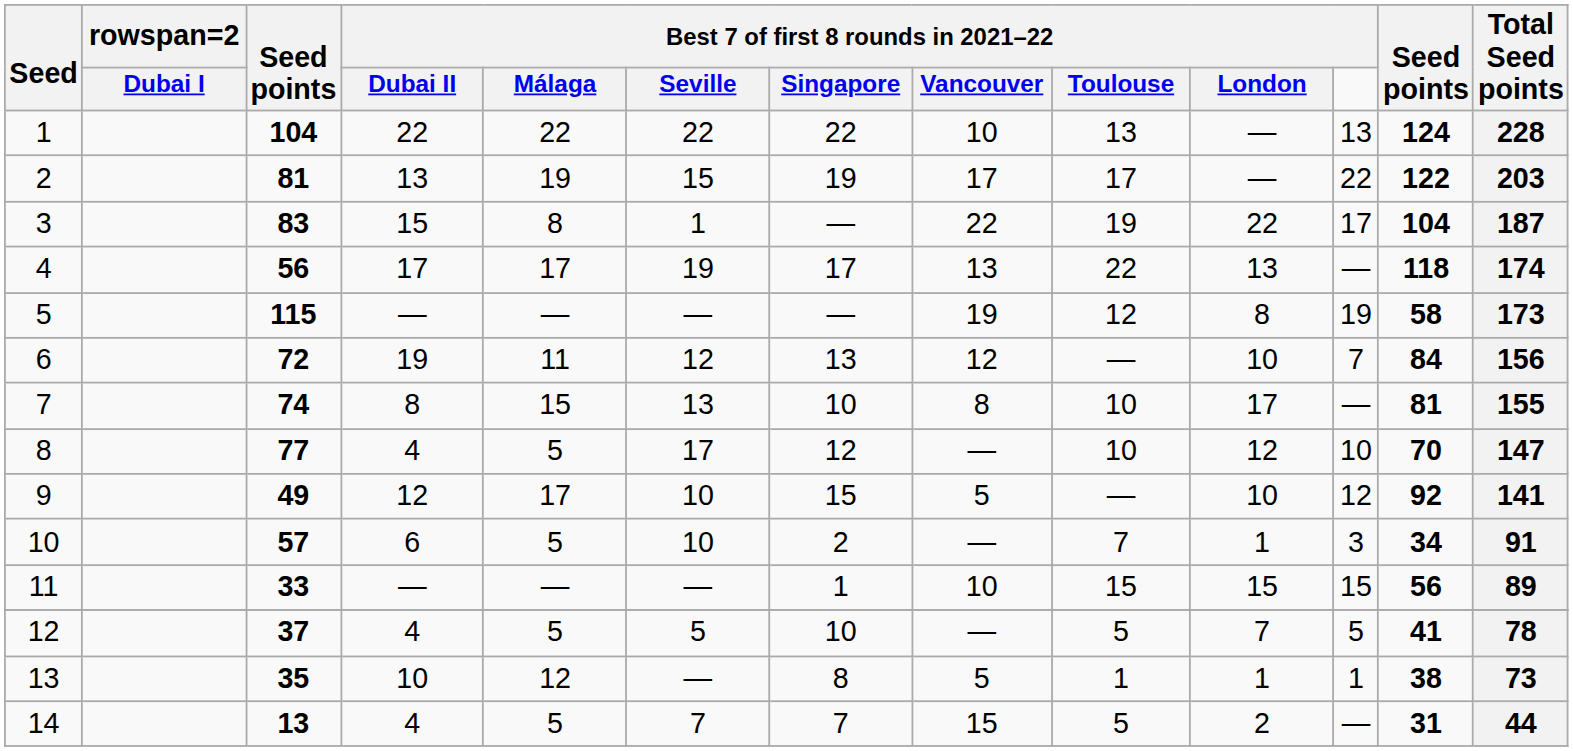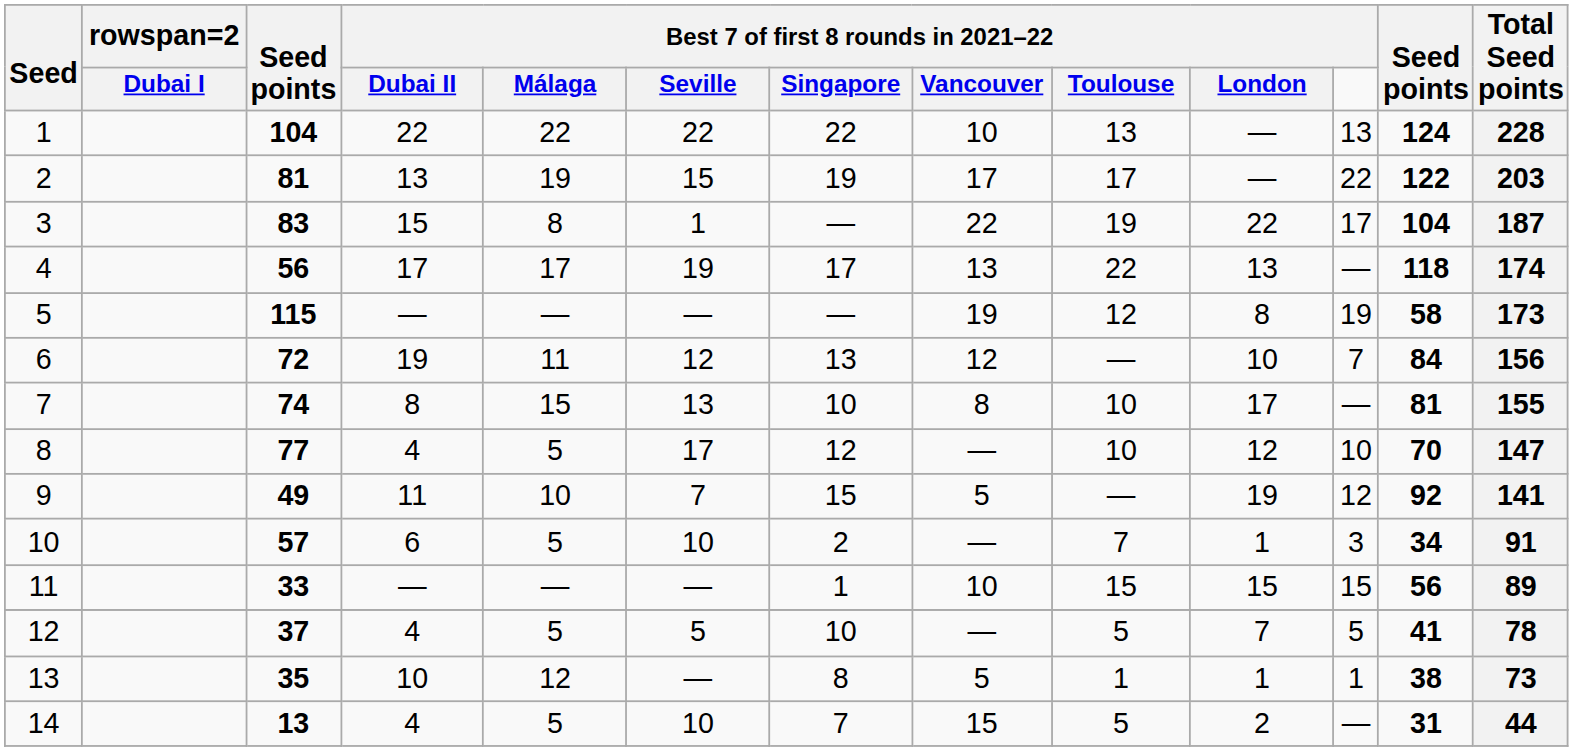 <table class="wikitable" style="text-align:center;">
 <tr>
 <th rowspan=2 style="padding:2px;"><br>Seed</th>
 <th>rowspan=2 </th>
 <th rowspan=2 style="padding:2px;"><small></small><br>Seed<br>points</th>
 <th colspan=8><small>Best 7 of first 8 rounds in 2021–22</small></th>
 <th rowspan=2 style="padding:2px;"><small></small><br>Seed<br>points</th>
 <th rowspan=2 style="padding:2px;">Total<br>Seed<br>points</th>
 </tr>
 <tr>
 <th style="vertical-align:top;width:5.5em;font-size:85%;padding:1px 2px;;"><a href='#'>Dubai I</a></th>
 <th style="vertical-align:top;width:5.5em;font-size:85%;padding:1px 2px;;"><a href='#'>Dubai II</a></th>
 <th style="vertical-align:top;width:5.5em;font-size:85%;padding:1px 2px;;"><a href='#'>Málaga</a></th>
 <th style="vertical-align:top;width:5.5em;font-size:85%;padding:1px 2px;;"><a href='#'>Seville</a></th>
 <th style="vertical-align:top;width:5.5em;font-size:85%;padding:1px 2px;;"><a href='#'>Singapore</a></th>
 <th style="vertical-align:top;width:5.5em;font-size:85%;padding:1px 1px;;"><a href='#'>Vancouver</a></th>
 <th style="vertical-align:top;width:5.5em;font-size:85%;padding:1px 1px;;"><a href='#'>Toulouse</a></th>
 <th style="vertical-align:top;width:5.5em;font-size:85%;padding:1px 2px;;"><a href='#'>London</a></th>
 </tr>
 <tr>
 <td>1</td>
 <td align="left"></td>
 <td><strong>104</strong></td>
 <td>22</td>
 <td>22</td>
 <td>22</td>
 <td>22</td>
 <td>10</td>
 <td>13</td>
 <td>—</td>
 <td>13</td>
 <td><strong>124</strong></td>
 <th>228</th>
 </tr>
 <tr>
 <td>2</td>
 <td align="left"></td>
 <td><strong>81</strong></td>
 <td>13</td>
 <td>19</td>
 <td>15</td>
 <td>19</td>
 <td>17</td>
 <td>17</td>
 <td>—</td>
 <td>22</td>
 <td><strong>122</strong></td>
 <th>203</th>
 </tr>
 <tr>
 <td>3</td>
 <td align="left"></td>
 <td><strong>83</strong></td>
 <td>15</td>
 <td>8</td>
 <td>1</td>
 <td>—</td>
 <td>22</td>
 <td>19</td>
 <td>22</td>
 <td>17</td>
 <td><strong>104</strong></td>
 <th>187</th>
 </tr>
 <tr>
 <td>4</td>
 <td align="left"></td>
 <td><strong>56</strong></td>
 <td>17</td>
 <td>17</td>
 <td>19</td>
 <td>17</td>
 <td>13</td>
 <td>22</td>
 <td>13</td>
 <td>—</td>
 <td><strong>118</strong></td>
 <th>174</th>
 </tr>
 <tr>
 <td>5</td>
 <td align="left"></td>
 <td><strong>115</strong></td>
 <td>—</td>
 <td>—</td>
 <td>—</td>
 <td>—</td>
 <td>19</td>
 <td>12</td>
 <td>8</td>
 <td>19</td>
 <td><strong>58</strong></td>
 <th>173</th>
 </tr>
 <tr>
 <td>6</td>
 <td align="left"></td>
 <td><strong>72</strong></td>
 <td>19</td>
 <td>11</td>
 <td>12</td>
 <td>13</td>
 <td>12</td>
 <td>—</td>
 <td>10</td>
 <td>7</td>
 <td><strong>84</strong></td>
 <th>156</th>
 </tr>
 <tr>
 <td>7</td>
 <td align="left"></td>
 <td><strong>74</strong></td>
 <td>8</td>
 <td>15</td>
 <td>13</td>
 <td>10</td>
 <td>8</td>
 <td>10</td>
 <td>17</td>
 <td>—</td>
 <td><strong>81</strong></td>
 <th>155</th>
 </tr>
 <tr>
 <td>8</td>
 <td align="left"></td>
 <td><strong>77</strong></td>
 <td>4</td>
 <td>5</td>
 <td>17</td>
 <td>12</td>
 <td>—</td>
 <td>10</td>
 <td>12</td>
 <td>10</td>
 <td><strong>70</strong></td>
 <th>147</th>
 </tr>
 <tr>
 <td>9</td>
 <td align="left"></td>
 <td><strong>49</strong></td>
-<td>12</td>
-<td>17</td>
+<td>11</td>
 <td>10</td>
+<td>7</td>
 <td>15</td>
 <td>5</td>
 <td>—</td>
-<td>10</td>
+<td>19</td>
 <td>12</td>
 <td><strong>92</strong></td>
 <th>141</th>
 </tr>
 <tr>
 <td>10</td>
 <td align="left"></td>
 <td><strong>57</strong></td>
 <td>6</td>
 <td>5</td>
 <td>10</td>
 <td>2</td>
 <td>—</td>
 <td>7</td>
 <td>1</td>
 <td>3</td>
 <td><strong>34</strong></td>
 <th>91</th>
 </tr>
 <tr>
 <td>11</td>
 <td align="left"></td>
 <td><strong>33</strong></td>
 <td>—</td>
 <td>—</td>
 <td>—</td>
 <td>1</td>
 <td>10</td>
 <td>15</td>
 <td>15</td>
 <td>15</td>
 <td><strong>56</strong></td>
 <th>89</th>
 </tr>
 <tr>
 </tr>
 <tr>
 <td>12</td>
 <td align="left"></td>
 <td><strong>37</strong></td>
 <td>4</td>
 <td>5</td>
 <td>5</td>
 <td>10</td>
 <td>—</td>
 <td>5</td>
 <td>7</td>
 <td>5</td>
 <td><strong>41</strong></td>
 <th>78</th>
 </tr>
 <tr>
 <td>13</td>
 <td align="left"></td>
 <td><strong>35</strong></td>
 <td>10</td>
 <td>12</td>
 <td>—</td>
 <td>8</td>
 <td>5</td>
 <td>1</td>
 <td>1</td>
 <td>1</td>
 <td><strong>38</strong></td>
 <th>73</th>
 </tr>
 <tr>
 <td>14</td>
 <td align="left"></td>
 <td><strong>13</strong></td>
 <td>4</td>
 <td>5</td>
-<td>7</td>
+<td>10</td>
 <td>7</td>
 <td>15</td>
 <td>5</td>
 <td>2</td>
 <td>—</td>
 <td><strong>31</strong></td>
 <th>44</th>
 </tr>
 </table>
